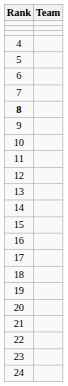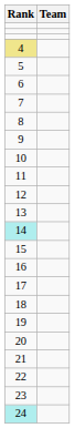 <table class="wikitable">
 <tr>
 <th>Rank</th>
 <th>Team</th>
 </tr>
 <tr>
 <td align=center></td>
 <td></td>
 </tr>
 <tr>
 <td align=center></td>
 <td></td>
 </tr>
 <tr>
 <td align=center></td>
 <td></td>
 </tr>
 <tr>
-<td align=center>4</td>
+<td align=center style="background: khaki;">4</td>
 <td></td>
 </tr>
 <tr>
 <td align=center>5</td>
 <td></td>
 </tr>
 <tr>
 <td align=center>6</td>
 <td></td>
 </tr>
 <tr>
 <td align=center>7</td>
 <td></td>
 </tr>
 <tr>
-<td align=center><strong>8</strong></td>
+<td align=center>8</td>
 <td></td>
 </tr>
 <tr>
 <td align=center>9</td>
 <td></td>
 </tr>
 <tr>
 <td align=center>10</td>
 <td></td>
 </tr>
 <tr>
 <td align=center>11</td>
 <td></td>
 </tr>
 <tr>
 <td align=center>12</td>
 <td></td>
 </tr>
 <tr>
 <td align=center>13</td>
 <td></td>
 </tr>
 <tr>
-<td align=center>14</td>
+<td align=center style="background: paleturquoise;">14</td>
 <td></td>
 </tr>
 <tr>
 <td align=center>15</td>
 <td></td>
 </tr>
 <tr>
 <td align=center>16</td>
 <td></td>
 </tr>
 <tr>
 <td align=center>17</td>
 <td></td>
 </tr>
 <tr>
 <td align=center>18</td>
 <td></td>
 </tr>
 <tr>
 <td align=center>19</td>
 <td></td>
 </tr>
 <tr>
 <td align=center>20</td>
 <td></td>
 </tr>
 <tr>
 <td align=center>21</td>
 <td></td>
 </tr>
 <tr>
 <td align=center>22</td>
 <td></td>
 </tr>
 <tr>
 <td align=center>23</td>
 <td></td>
 </tr>
 <tr>
-<td align=center>24</td>
+<td align=center style="background: paleturquoise;">24</td>
 <td></td>
 </tr>
 </table>
